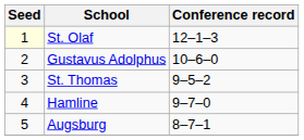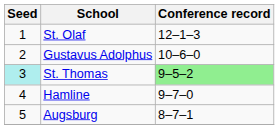 <table class="wikitable">
 <tr>
 <th>Seed</th>
 <th>School</th>
 <th>Conference record</th>
 </tr>
 <tr>
-<td align=center style="background: lightyellow;">1</td>
+<td align=center>1</td>
 <td><a href='#'>St. Olaf</a></td>
 <td>12–1–3</td>
 </tr>
 <tr>
 <td align=center>2</td>
 <td><a href='#'>Gustavus Adolphus</a></td>
 <td>10–6–0</td>
 </tr>
 <tr>
-<td align=center>3</td>
+<td align=center style="background: paleturquoise;">3</td>
 <td><a href='#'>St. Thomas</a></td>
-<td>9–5–2</td>
+<td style="background: lightgreen;">9–5–2</td>
 </tr>
 <tr>
 <td align=center>4</td>
 <td><a href='#'>Hamline</a></td>
 <td>9–7–0</td>
 </tr>
 <tr>
 <td align=center>5</td>
 <td><a href='#'>Augsburg</a></td>
 <td>8–7–1</td>
 </tr>
 <tr>
 </tr>
 </table>
